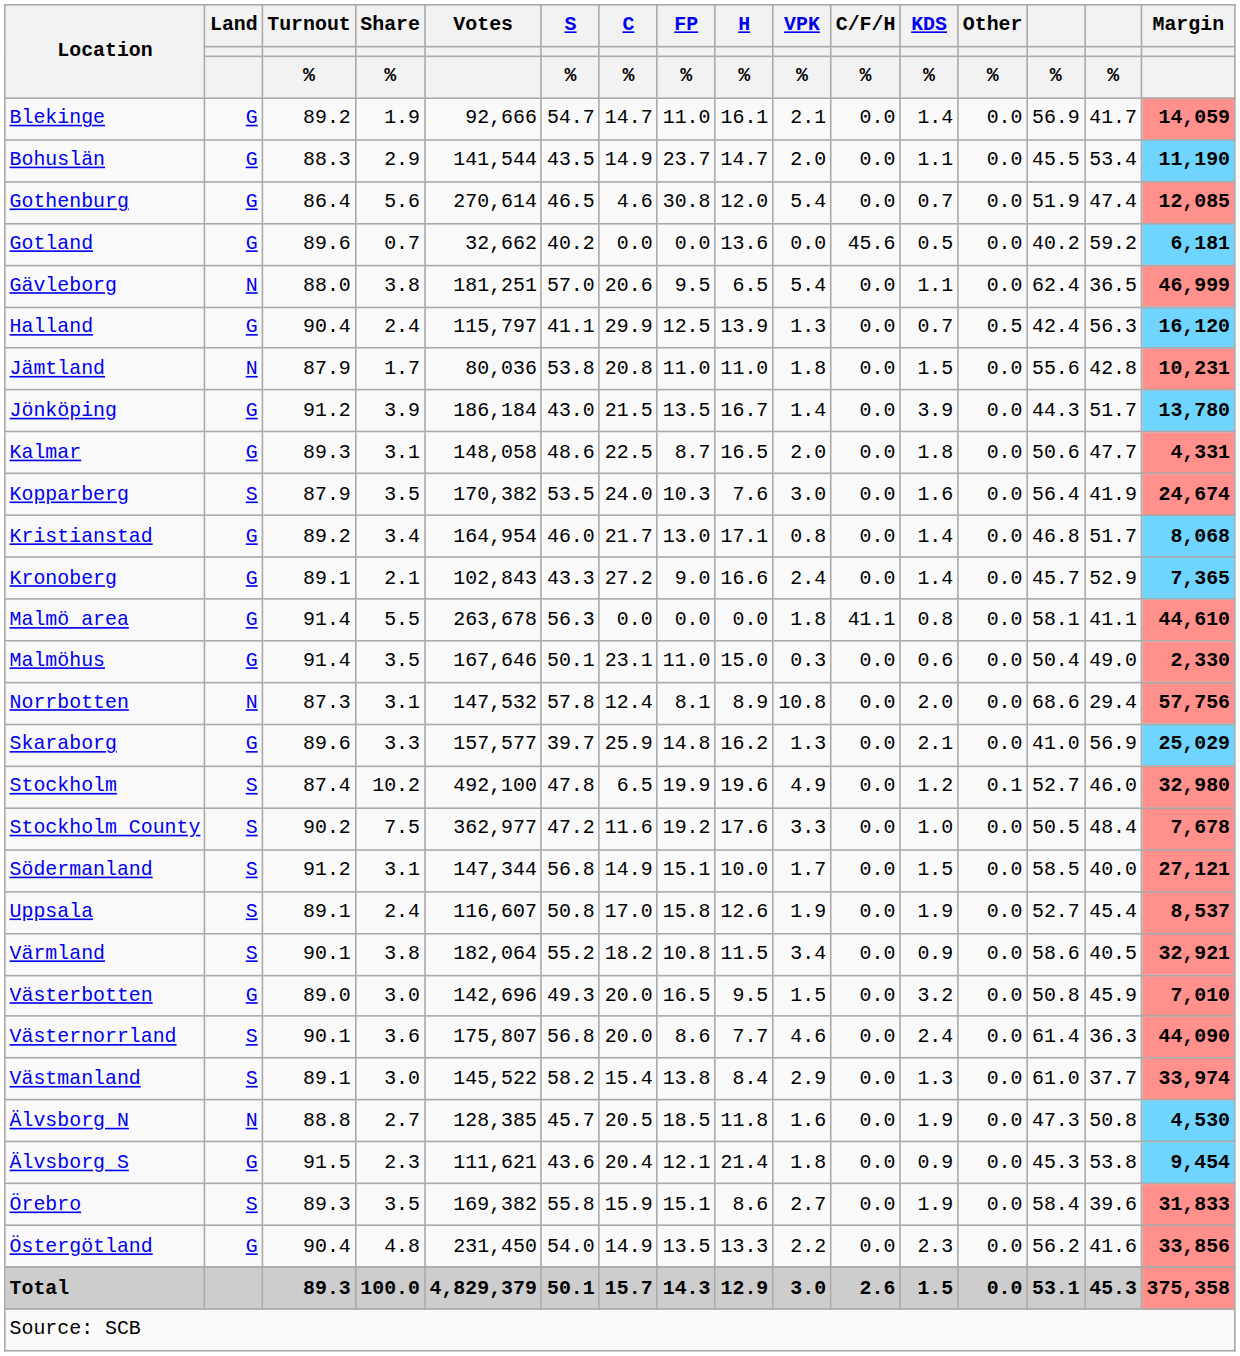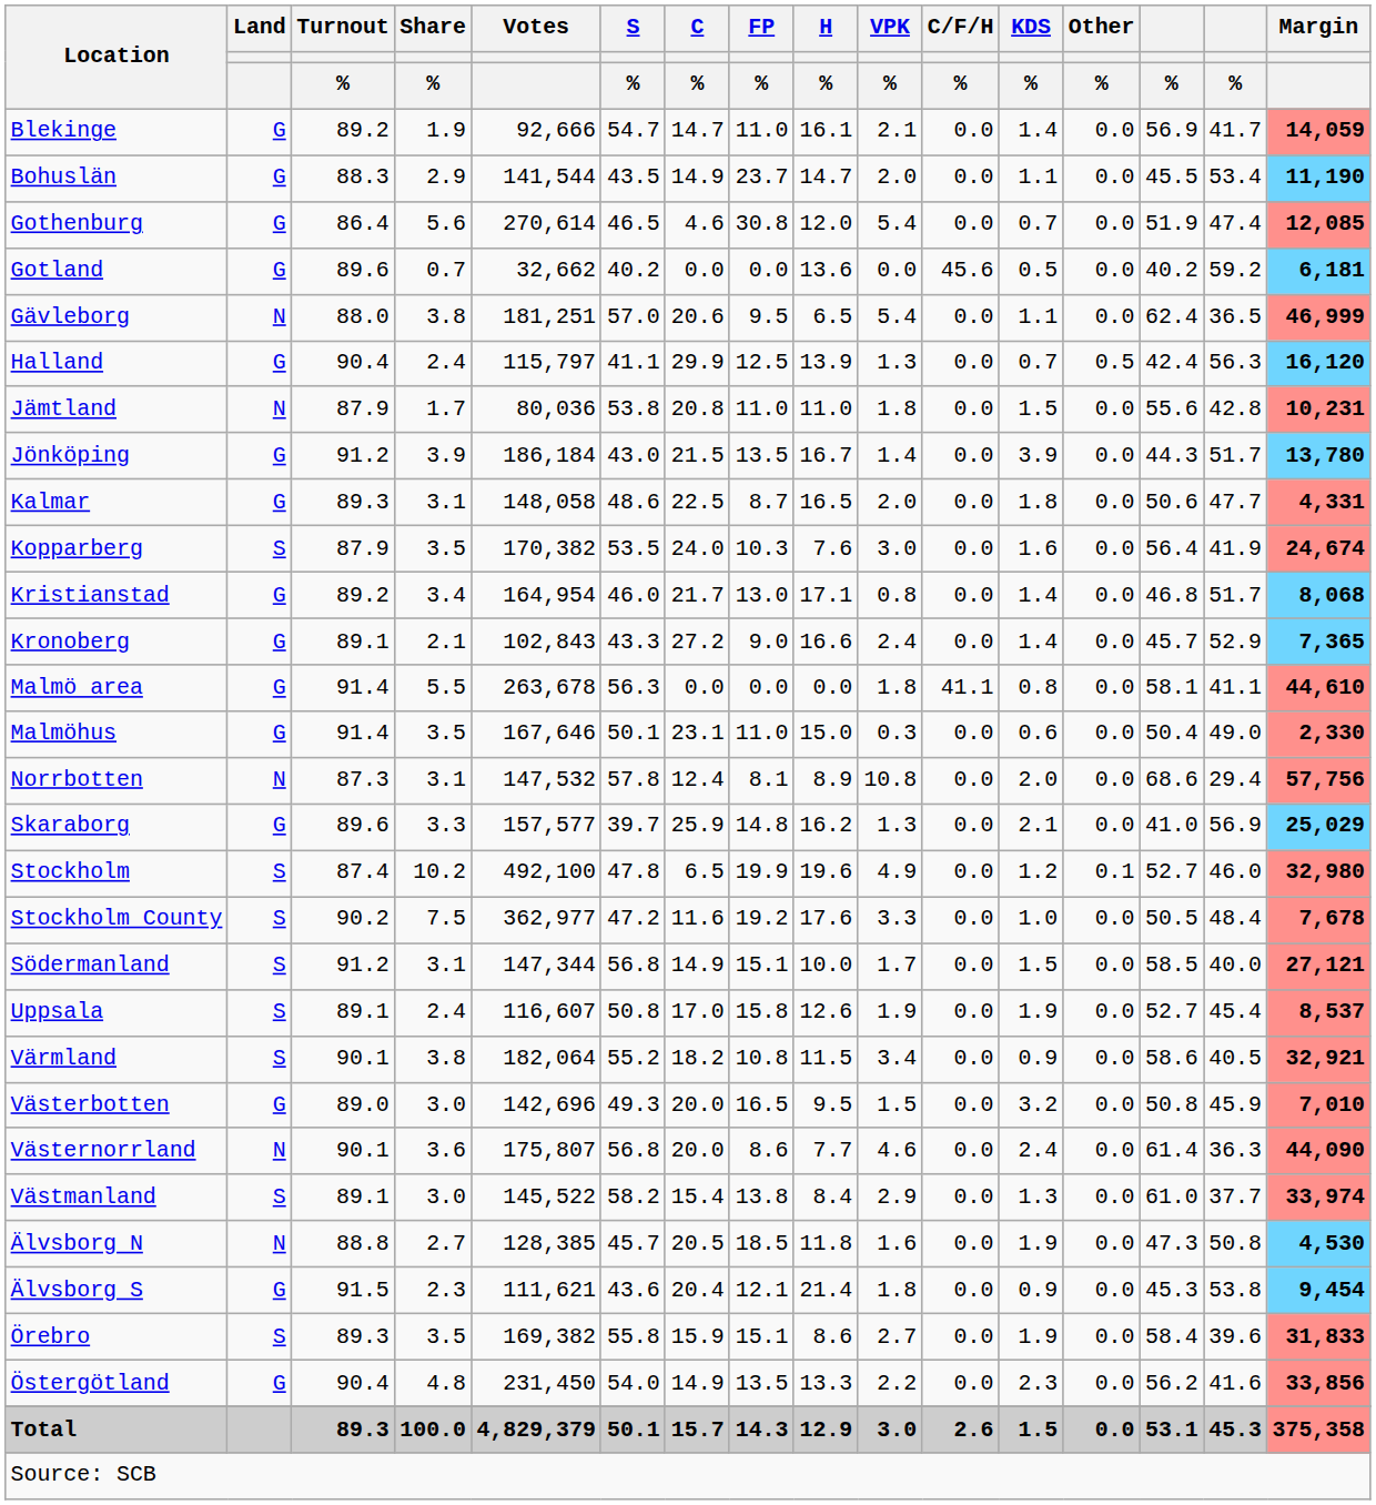 <table class="wikitable sortable" style="text-align:right; font-size:95%; line-height:20px;">
 <tr>
 <th rowspan="3">Location</th>
 <th>Land</th>
 <th>Turnout</th>
 <th>Share</th>
 <th>Votes</th>
 <th width="30px" class="unsortable"><a href='#'>S</a></th>
 <th width="30px" class="unsortable"><a href='#'>C</a></th>
 <th width="30px" class="unsortable"><a href='#'>FP</a></th>
 <th width="30px" class="unsortable"><a href='#'>H</a></th>
 <th width="30px" class="unsortable"><a href='#'>VPK</a></th>
 <th width="30px" class="unsortable">C/F/H</th>
 <th width="30px" class="unsortable"><a href='#'>KDS</a></th>
 <th width="30px" class="unsortable">Other</th>
 <th></th>
 <th></th>
 <th>Margin</th>
 </tr>
 <tr>
 <th></th>
 <th></th>
 <th></th>
 <th></th>
 <th style="background:"></th>
 <th style="background:"></th>
 <th style="background:"></th>
 <th style="background:"></th>
 <th style="background:"></th>
 <th style="background:"></th>
 <th style="background:"></th>
 <th style="background:"></th>
 <th style="background:"></th>
 <th style="background:"></th>
 <th></th>
 </tr>
 <tr>
 <th></th>
 <th data-sort-type="number">%</th>
 <th data-sort-type="number">%</th>
 <th></th>
 <th data-sort-type="number">%</th>
 <th data-sort-type="number">%</th>
 <th data-sort-type="number">%</th>
 <th data-sort-type="number">%</th>
 <th data-sort-type="number">%</th>
 <th data-sort-type="number">%</th>
 <th data-sort-type="number">%</th>
 <th data-sort-type="number">%</th>
 <th data-sort-type="number">%</th>
 <th data-sort-type="number">%</th>
 <th></th>
 </tr>
 <tr>
 <td align=left><a href='#'>Blekinge</a></td>
 <td><a href='#'>G</a></td>
 <td>89.2</td>
 <td>1.9</td>
 <td>92,666</td>
 <td>54.7</td>
 <td>14.7</td>
 <td>11.0</td>
 <td>16.1</td>
 <td>2.1</td>
 <td>0.0</td>
 <td>1.4</td>
 <td>0.0</td>
 <td>56.9</td>
 <td>41.7</td>
 <td bgcolor=#ff908c><strong>14,059</strong></td>
 </tr>
 <tr>
 <td align=left><a href='#'>Bohuslän</a></td>
 <td><a href='#'>G</a></td>
 <td>88.3</td>
 <td>2.9</td>
 <td>141,544</td>
 <td>43.5</td>
 <td>14.9</td>
 <td>23.7</td>
 <td>14.7</td>
 <td>2.0</td>
 <td>0.0</td>
 <td>1.1</td>
 <td>0.0</td>
 <td>45.5</td>
 <td>53.4</td>
 <td bgcolor=#6fd5fe><strong>11,190</strong></td>
 </tr>
 <tr>
 <td align=left><a href='#'>Gothenburg</a></td>
 <td><a href='#'>G</a></td>
 <td>86.4</td>
 <td>5.6</td>
 <td>270,614</td>
 <td>46.5</td>
 <td>4.6</td>
 <td>30.8</td>
 <td>12.0</td>
 <td>5.4</td>
 <td>0.0</td>
 <td>0.7</td>
 <td>0.0</td>
 <td>51.9</td>
 <td>47.4</td>
 <td bgcolor=#ff908c><strong>12,085</strong></td>
 </tr>
 <tr>
 <td align=left><a href='#'>Gotland</a></td>
 <td><a href='#'>G</a></td>
 <td>89.6</td>
 <td>0.7</td>
 <td>32,662</td>
 <td>40.2</td>
 <td>0.0</td>
 <td>0.0</td>
 <td>13.6</td>
 <td>0.0</td>
 <td>45.6</td>
 <td>0.5</td>
 <td>0.0</td>
 <td>40.2</td>
 <td>59.2</td>
 <td bgcolor=#6fd5fe><strong>6,181</strong></td>
 </tr>
 <tr>
 <td align=left><a href='#'>Gävleborg</a></td>
 <td><a href='#'>N</a></td>
 <td>88.0</td>
 <td>3.8</td>
 <td>181,251</td>
 <td>57.0</td>
 <td>20.6</td>
 <td>9.5</td>
 <td>6.5</td>
 <td>5.4</td>
 <td>0.0</td>
 <td>1.1</td>
 <td>0.0</td>
 <td>62.4</td>
 <td>36.5</td>
 <td bgcolor=#ff908c><strong>46,999</strong></td>
 </tr>
 <tr>
 <td align=left><a href='#'>Halland</a></td>
 <td><a href='#'>G</a></td>
 <td>90.4</td>
 <td>2.4</td>
 <td>115,797</td>
 <td>41.1</td>
 <td>29.9</td>
 <td>12.5</td>
 <td>13.9</td>
 <td>1.3</td>
 <td>0.0</td>
 <td>0.7</td>
 <td>0.5</td>
 <td>42.4</td>
 <td>56.3</td>
 <td bgcolor=#6fd5fe><strong>16,120</strong></td>
 </tr>
 <tr>
 <td align=left><a href='#'>Jämtland</a></td>
 <td><a href='#'>N</a></td>
 <td>87.9</td>
 <td>1.7</td>
 <td>80,036</td>
 <td>53.8</td>
 <td>20.8</td>
 <td>11.0</td>
 <td>11.0</td>
 <td>1.8</td>
 <td>0.0</td>
 <td>1.5</td>
 <td>0.0</td>
 <td>55.6</td>
 <td>42.8</td>
 <td bgcolor=#ff908c><strong>10,231</strong></td>
 </tr>
 <tr>
 <td align=left><a href='#'>Jönköping</a></td>
 <td><a href='#'>G</a></td>
 <td>91.2</td>
 <td>3.9</td>
 <td>186,184</td>
 <td>43.0</td>
 <td>21.5</td>
 <td>13.5</td>
 <td>16.7</td>
 <td>1.4</td>
 <td>0.0</td>
 <td>3.9</td>
 <td>0.0</td>
 <td>44.3</td>
 <td>51.7</td>
 <td bgcolor=#6fd5fe><strong>13,780</strong></td>
 </tr>
 <tr>
 <td align=left><a href='#'>Kalmar</a></td>
 <td><a href='#'>G</a></td>
 <td>89.3</td>
 <td>3.1</td>
 <td>148,058</td>
 <td>48.6</td>
 <td>22.5</td>
 <td>8.7</td>
 <td>16.5</td>
 <td>2.0</td>
 <td>0.0</td>
 <td>1.8</td>
 <td>0.0</td>
 <td>50.6</td>
 <td>47.7</td>
 <td bgcolor=#ff908c><strong>4,331</strong></td>
 </tr>
 <tr>
 <td align=left><a href='#'>Kopparberg</a></td>
 <td><a href='#'>S</a></td>
 <td>87.9</td>
 <td>3.5</td>
 <td>170,382</td>
 <td>53.5</td>
 <td>24.0</td>
 <td>10.3</td>
 <td>7.6</td>
 <td>3.0</td>
 <td>0.0</td>
 <td>1.6</td>
 <td>0.0</td>
 <td>56.4</td>
 <td>41.9</td>
 <td bgcolor=#ff908c><strong>24,674</strong></td>
 </tr>
 <tr>
 <td align=left><a href='#'>Kristianstad</a></td>
 <td><a href='#'>G</a></td>
 <td>89.2</td>
 <td>3.4</td>
 <td>164,954</td>
 <td>46.0</td>
 <td>21.7</td>
 <td>13.0</td>
 <td>17.1</td>
 <td>0.8</td>
 <td>0.0</td>
 <td>1.4</td>
 <td>0.0</td>
 <td>46.8</td>
 <td>51.7</td>
 <td bgcolor=#6fd5fe><strong>8,068</strong></td>
 </tr>
 <tr>
 <td align=left><a href='#'>Kronoberg</a></td>
 <td><a href='#'>G</a></td>
 <td>89.1</td>
 <td>2.1</td>
 <td>102,843</td>
 <td>43.3</td>
 <td>27.2</td>
 <td>9.0</td>
 <td>16.6</td>
 <td>2.4</td>
 <td>0.0</td>
 <td>1.4</td>
 <td>0.0</td>
 <td>45.7</td>
 <td>52.9</td>
 <td bgcolor=#6fd5fe><strong>7,365</strong></td>
 </tr>
 <tr>
 <td align=left><a href='#'>Malmö area</a></td>
 <td><a href='#'>G</a></td>
 <td>91.4</td>
 <td>5.5</td>
 <td>263,678</td>
 <td>56.3</td>
 <td>0.0</td>
 <td>0.0</td>
 <td>0.0</td>
 <td>1.8</td>
 <td>41.1</td>
 <td>0.8</td>
 <td>0.0</td>
 <td>58.1</td>
 <td>41.1</td>
 <td bgcolor=#ff908c><strong>44,610</strong></td>
 </tr>
 <tr>
 <td align=left><a href='#'>Malmöhus</a></td>
 <td><a href='#'>G</a></td>
 <td>91.4</td>
 <td>3.5</td>
 <td>167,646</td>
 <td>50.1</td>
 <td>23.1</td>
 <td>11.0</td>
 <td>15.0</td>
 <td>0.3</td>
 <td>0.0</td>
 <td>0.6</td>
 <td>0.0</td>
 <td>50.4</td>
 <td>49.0</td>
 <td bgcolor=#ff908c><strong>2,330</strong></td>
 </tr>
 <tr>
 <td align=left><a href='#'>Norrbotten</a></td>
 <td><a href='#'>N</a></td>
 <td>87.3</td>
 <td>3.1</td>
 <td>147,532</td>
 <td>57.8</td>
 <td>12.4</td>
 <td>8.1</td>
 <td>8.9</td>
 <td>10.8</td>
 <td>0.0</td>
 <td>2.0</td>
 <td>0.0</td>
 <td>68.6</td>
 <td>29.4</td>
 <td bgcolor=#ff908c><strong>57,756</strong></td>
 </tr>
 <tr>
 <td align=left><a href='#'>Skaraborg</a></td>
 <td><a href='#'>G</a></td>
 <td>89.6</td>
 <td>3.3</td>
 <td>157,577</td>
 <td>39.7</td>
 <td>25.9</td>
 <td>14.8</td>
 <td>16.2</td>
 <td>1.3</td>
 <td>0.0</td>
 <td>2.1</td>
 <td>0.0</td>
 <td>41.0</td>
 <td>56.9</td>
 <td bgcolor=#6fd5fe><strong>25,029</strong></td>
 </tr>
 <tr>
 <td align=left><a href='#'>Stockholm</a></td>
 <td><a href='#'>S</a></td>
 <td>87.4</td>
 <td>10.2</td>
 <td>492,100</td>
 <td>47.8</td>
 <td>6.5</td>
 <td>19.9</td>
 <td>19.6</td>
 <td>4.9</td>
 <td>0.0</td>
 <td>1.2</td>
 <td>0.1</td>
 <td>52.7</td>
 <td>46.0</td>
 <td bgcolor=#ff908c><strong>32,980</strong></td>
 </tr>
 <tr>
 <td align=left><a href='#'>Stockholm County</a></td>
 <td><a href='#'>S</a></td>
 <td>90.2</td>
 <td>7.5</td>
 <td>362,977</td>
 <td>47.2</td>
 <td>11.6</td>
 <td>19.2</td>
 <td>17.6</td>
 <td>3.3</td>
 <td>0.0</td>
 <td>1.0</td>
 <td>0.0</td>
 <td>50.5</td>
 <td>48.4</td>
 <td bgcolor=#ff908c><strong>7,678</strong></td>
 </tr>
 <tr>
 <td align=left><a href='#'>Södermanland</a></td>
 <td><a href='#'>S</a></td>
 <td>91.2</td>
 <td>3.1</td>
 <td>147,344</td>
 <td>56.8</td>
 <td>14.9</td>
 <td>15.1</td>
 <td>10.0</td>
 <td>1.7</td>
 <td>0.0</td>
 <td>1.5</td>
 <td>0.0</td>
 <td>58.5</td>
 <td>40.0</td>
 <td bgcolor=#ff908c><strong>27,121</strong></td>
 </tr>
 <tr>
 <td align=left><a href='#'>Uppsala</a></td>
 <td><a href='#'>S</a></td>
 <td>89.1</td>
 <td>2.4</td>
 <td>116,607</td>
 <td>50.8</td>
 <td>17.0</td>
 <td>15.8</td>
 <td>12.6</td>
 <td>1.9</td>
 <td>0.0</td>
 <td>1.9</td>
 <td>0.0</td>
 <td>52.7</td>
 <td>45.4</td>
 <td bgcolor=#ff908c><strong>8,537</strong></td>
 </tr>
 <tr>
 <td align=left><a href='#'>Värmland</a></td>
 <td><a href='#'>S</a></td>
 <td>90.1</td>
 <td>3.8</td>
 <td>182,064</td>
 <td>55.2</td>
 <td>18.2</td>
 <td>10.8</td>
 <td>11.5</td>
 <td>3.4</td>
 <td>0.0</td>
 <td>0.9</td>
 <td>0.0</td>
 <td>58.6</td>
 <td>40.5</td>
 <td bgcolor=#ff908c><strong>32,921</strong></td>
 </tr>
 <tr>
 <td align=left><a href='#'>Västerbotten</a></td>
 <td><a href='#'>G</a></td>
 <td>89.0</td>
 <td>3.0</td>
 <td>142,696</td>
 <td>49.3</td>
 <td>20.0</td>
 <td>16.5</td>
 <td>9.5</td>
 <td>1.5</td>
 <td>0.0</td>
 <td>3.2</td>
 <td>0.0</td>
 <td>50.8</td>
 <td>45.9</td>
 <td bgcolor=#ff908c><strong>7,010</strong></td>
 </tr>
 <tr>
 <td align=left><a href='#'>Västernorrland</a></td>
-<td><a href='#'>S</a></td>
+<td><a href='#'>N</a></td>
 <td>90.1</td>
 <td>3.6</td>
 <td>175,807</td>
 <td>56.8</td>
 <td>20.0</td>
 <td>8.6</td>
 <td>7.7</td>
 <td>4.6</td>
 <td>0.0</td>
 <td>2.4</td>
 <td>0.0</td>
 <td>61.4</td>
 <td>36.3</td>
 <td bgcolor=#ff908c><strong>44,090</strong></td>
 </tr>
 <tr>
 <td align=left><a href='#'>Västmanland</a></td>
 <td><a href='#'>S</a></td>
 <td>89.1</td>
 <td>3.0</td>
 <td>145,522</td>
 <td>58.2</td>
 <td>15.4</td>
 <td>13.8</td>
 <td>8.4</td>
 <td>2.9</td>
 <td>0.0</td>
 <td>1.3</td>
 <td>0.0</td>
 <td>61.0</td>
 <td>37.7</td>
 <td bgcolor=#ff908c><strong>33,974</strong></td>
 </tr>
 <tr>
 <td align=left><a href='#'>Älvsborg N</a></td>
 <td><a href='#'>N</a></td>
 <td>88.8</td>
 <td>2.7</td>
 <td>128,385</td>
 <td>45.7</td>
 <td>20.5</td>
 <td>18.5</td>
 <td>11.8</td>
 <td>1.6</td>
 <td>0.0</td>
 <td>1.9</td>
 <td>0.0</td>
 <td>47.3</td>
 <td>50.8</td>
 <td bgcolor=#6fd5fe><strong>4,530</strong></td>
 </tr>
 <tr>
 <td align=left><a href='#'>Älvsborg S</a></td>
 <td><a href='#'>G</a></td>
 <td>91.5</td>
 <td>2.3</td>
 <td>111,621</td>
 <td>43.6</td>
 <td>20.4</td>
 <td>12.1</td>
 <td>21.4</td>
 <td>1.8</td>
 <td>0.0</td>
 <td>0.9</td>
 <td>0.0</td>
 <td>45.3</td>
 <td>53.8</td>
 <td bgcolor=#6fd5fe><strong>9,454</strong></td>
 </tr>
 <tr>
 <td align=left><a href='#'>Örebro</a></td>
 <td><a href='#'>S</a></td>
 <td>89.3</td>
 <td>3.5</td>
 <td>169,382</td>
 <td>55.8</td>
 <td>15.9</td>
 <td>15.1</td>
 <td>8.6</td>
 <td>2.7</td>
 <td>0.0</td>
 <td>1.9</td>
 <td>0.0</td>
 <td>58.4</td>
 <td>39.6</td>
 <td bgcolor=#ff908c><strong>31,833</strong></td>
 </tr>
 <tr>
 <td align=left><a href='#'>Östergötland</a></td>
 <td><a href='#'>G</a></td>
 <td>90.4</td>
 <td>4.8</td>
 <td>231,450</td>
 <td>54.0</td>
 <td>14.9</td>
 <td>13.5</td>
 <td>13.3</td>
 <td>2.2</td>
 <td>0.0</td>
 <td>2.3</td>
 <td>0.0</td>
 <td>56.2</td>
 <td>41.6</td>
 <td bgcolor=#ff908c><strong>33,856</strong></td>
 </tr>
 <tr>
 </tr>
 <tr style="background:#CDCDCD;">
 <td align=left><strong>Total</strong></td>
 <td></td>
 <td><strong>89.3</strong></td>
 <td><strong>100.0</strong></td>
 <td><strong>4,829,379</strong></td>
 <td><strong>50.1</strong></td>
 <td><strong>15.7</strong></td>
 <td><strong>14.3</strong></td>
 <td><strong>12.9</strong></td>
 <td><strong>3.0</strong></td>
 <td><strong>2.6</strong></td>
 <td><strong>1.5</strong></td>
 <td><strong>0.0</strong></td>
 <td><strong>53.1</strong></td>
 <td><strong>45.3</strong></td>
 <td bgcolor=#ff908c><strong>375,358</strong></td>
 </tr>
 <tr>
 <td align=left colspan=16>Source: SCB </td>
 </tr>
 </table>
